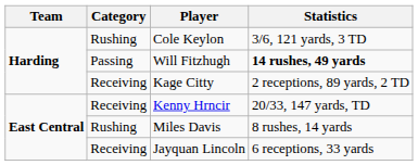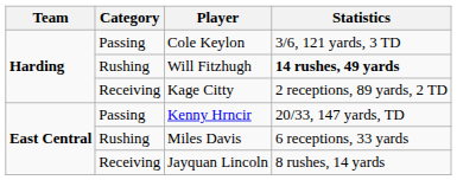 <table class="wikitable" style="float: right;">
 <tr>
 <th>Team</th>
 <th>Category</th>
 <th>Player</th>
 <th>Statistics</th>
 </tr>
 <tr>
 <td rowspan=3><strong>Harding</strong></td>
-<td>Rushing</td>
+<td>Passing</td>
 <td>Cole Keylon</td>
 <td>3/6, 121 yards, 3 TD</td>
 </tr>
 <tr>
-<td>Passing</td>
+<td>Rushing</td>
 <td>Will Fitzhugh</td>
 <td><strong>14 rushes, 49 yards</strong></td>
 </tr>
 <tr>
 <td>Receiving</td>
 <td>Kage Citty</td>
 <td>2 receptions, 89 yards, 2 TD</td>
 </tr>
 <tr>
 <td rowspan=3><strong>East Central</strong></td>
-<td>Receiving</td>
+<td>Passing</td>
 <td><a href='#'>Kenny Hrncir</a></td>
 <td>20/33, 147 yards, TD</td>
 </tr>
 <tr>
 <td>Rushing</td>
 <td>Miles Davis</td>
-<td>8 rushes, 14 yards</td>
+<td>6 receptions, 33 yards</td>
 </tr>
 <tr>
 <td>Receiving</td>
 <td>Jayquan Lincoln</td>
-<td>6 receptions, 33 yards</td>
+<td>8 rushes, 14 yards</td>
 </tr>
 </table>
